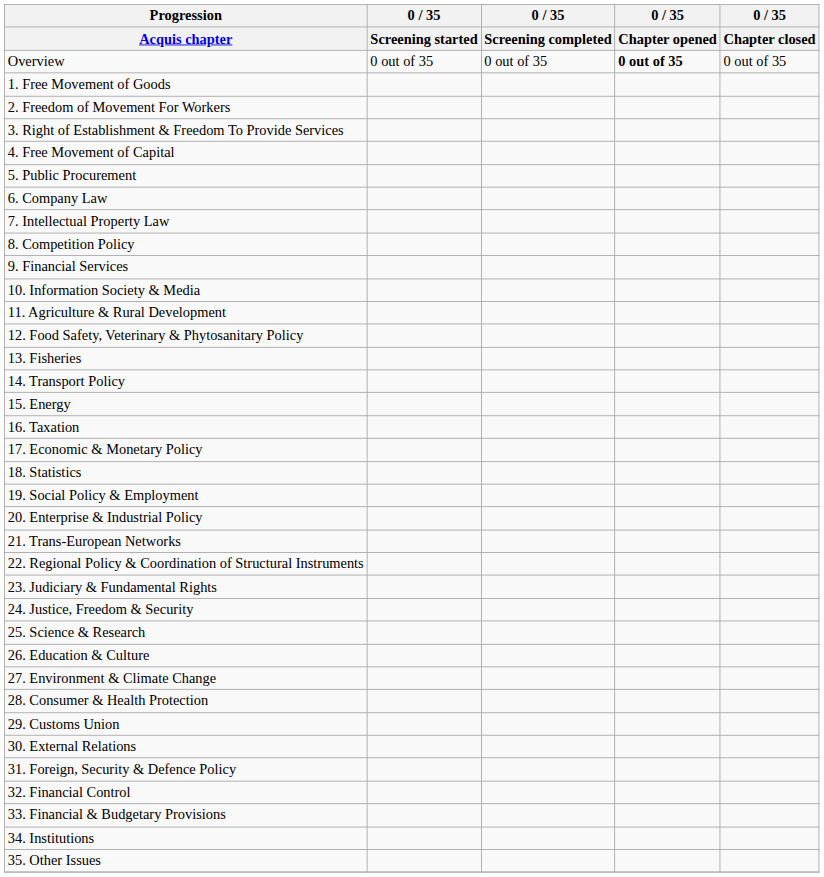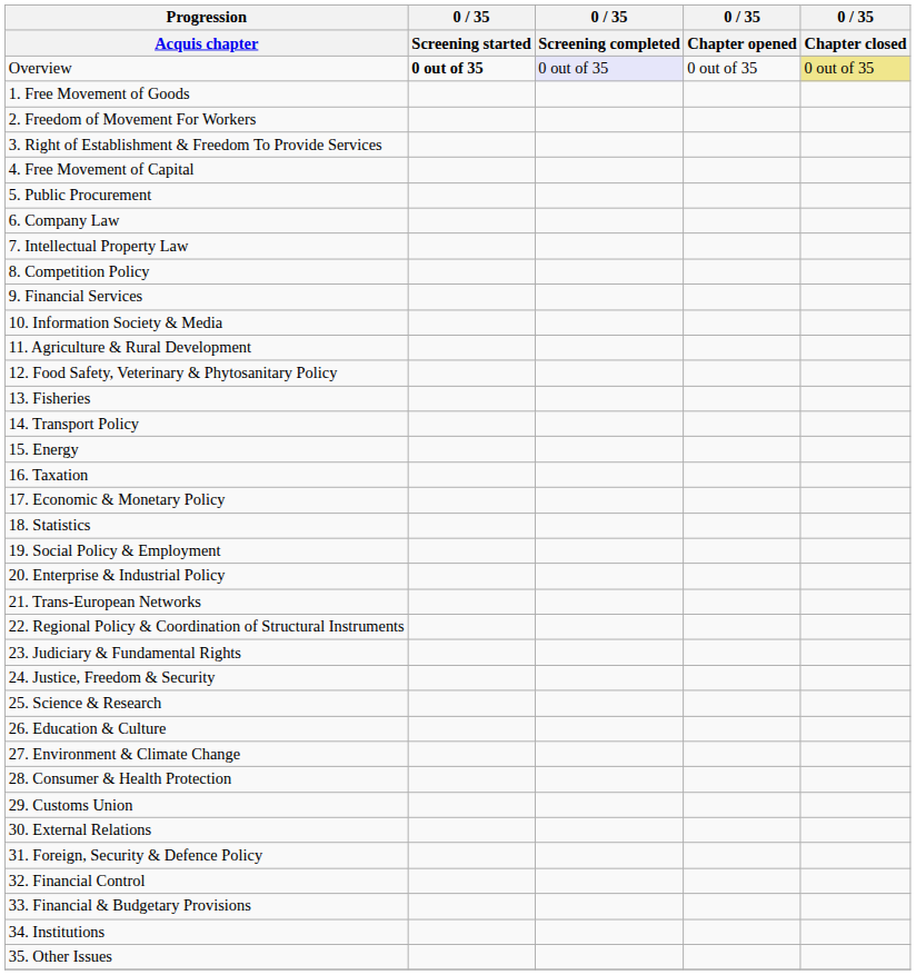 <table class="wikitable mw-collapsible mw-collapsed" style="text-align:left; font-size: 1.0em;">
 <tr>
 <th>Progression</th>
 <th>0 / 35</th>
 <th>0 / 35</th>
 <th>0 / 35</th>
 <th>0 / 35</th>
 </tr>
 <tr>
 <th><a href='#'>Acquis chapter</a></th>
 <th>Screening started</th>
 <th>Screening completed</th>
 <th>Chapter opened</th>
 <th>Chapter closed</th>
 </tr>
 <tr>
 <td style="text-align:left;">Overview</td>
+<td><strong>0 out of 35</strong></td>
+<td style="background: lavender;">0 out of 35</td>
 <td>0 out of 35</td>
-<td>0 out of 35</td>
-<td><strong>0 out of 35</strong></td>
-<td>0 out of 35</td>
+<td style="background: khaki;">0 out of 35</td>
 </tr>
 <tr>
 <td style="text-align:left;">1. Free Movement of Goods</td>
 <td></td>
 <td></td>
 <td></td>
 <td></td>
 </tr>
 <tr>
 <td style="text-align:left;">2. Freedom of Movement For Workers</td>
 <td></td>
 <td></td>
 <td></td>
 <td></td>
 </tr>
 <tr>
 <td style="text-align:left;">3. Right of Establishment & Freedom To Provide Services</td>
 <td></td>
 <td></td>
 <td></td>
 <td></td>
 </tr>
 <tr>
 <td style="text-align:left;">4. Free Movement of Capital</td>
 <td></td>
 <td></td>
 <td></td>
 <td></td>
 </tr>
 <tr>
 <td style="text-align:left;">5. Public Procurement</td>
 <td></td>
 <td></td>
 <td></td>
 <td></td>
 </tr>
 <tr>
 <td style="text-align:left;">6. Company Law</td>
 <td></td>
 <td></td>
 <td></td>
 <td></td>
 </tr>
 <tr>
 <td style="text-align:left;">7. Intellectual Property Law</td>
 <td></td>
 <td></td>
 <td></td>
 <td></td>
 </tr>
 <tr>
 <td style="text-align:left;">8. Competition Policy</td>
 <td></td>
 <td></td>
 <td></td>
 <td></td>
 </tr>
 <tr>
 <td style="text-align:left;">9. Financial Services</td>
 <td></td>
 <td></td>
 <td></td>
 <td></td>
 </tr>
 <tr>
 <td style="text-align:left;">10. Information Society & Media</td>
 <td></td>
 <td></td>
 <td></td>
 <td></td>
 </tr>
 <tr>
 <td style="text-align:left;">11. Agriculture & Rural Development</td>
 <td></td>
 <td></td>
 <td></td>
 <td></td>
 </tr>
 <tr>
 <td style="text-align:left;">12. Food Safety, Veterinary & Phytosanitary Policy</td>
 <td></td>
 <td></td>
 <td></td>
 <td></td>
 </tr>
 <tr>
 <td style="text-align:left;">13. Fisheries</td>
 <td></td>
 <td></td>
 <td></td>
 <td></td>
 </tr>
 <tr>
 <td style="text-align:left;">14. Transport Policy</td>
 <td></td>
 <td></td>
 <td></td>
 <td></td>
 </tr>
 <tr>
 <td style="text-align:left;">15. Energy</td>
 <td></td>
 <td></td>
 <td></td>
 <td></td>
 </tr>
 <tr>
 <td style="text-align:left;">16. Taxation</td>
 <td></td>
 <td></td>
 <td></td>
 <td></td>
 </tr>
 <tr>
 <td style="text-align:left;">17. Economic & Monetary Policy</td>
 <td></td>
 <td></td>
 <td></td>
 <td></td>
 </tr>
 <tr>
 <td style="text-align:left;">18. Statistics</td>
 <td></td>
 <td></td>
 <td></td>
 <td></td>
 </tr>
 <tr>
 <td style="text-align:left;">19. Social Policy & Employment</td>
 <td></td>
 <td></td>
 <td></td>
 <td></td>
 </tr>
 <tr>
 <td style="text-align:left;">20. Enterprise & Industrial Policy</td>
 <td></td>
 <td></td>
 <td></td>
 <td></td>
 </tr>
 <tr>
 <td style="text-align:left;">21. Trans-European Networks</td>
 <td></td>
 <td></td>
 <td></td>
 <td></td>
 </tr>
 <tr>
 <td style="text-align:left;">22. Regional Policy & Coordination of Structural Instruments</td>
 <td></td>
 <td></td>
 <td></td>
 <td></td>
 </tr>
 <tr>
 <td style="text-align:left;">23. Judiciary & Fundamental Rights</td>
 <td></td>
 <td></td>
 <td></td>
 <td></td>
 </tr>
 <tr>
 <td style="text-align:left;">24. Justice, Freedom & Security</td>
 <td></td>
 <td></td>
 <td></td>
 <td></td>
 </tr>
 <tr>
 <td style="text-align:left;">25. Science & Research</td>
 <td></td>
 <td></td>
 <td></td>
 <td></td>
 </tr>
 <tr>
 <td style="text-align:left;">26. Education & Culture</td>
 <td></td>
 <td></td>
 <td></td>
 <td></td>
 </tr>
 <tr>
 <td style="text-align:left;">27. Environment & Climate Change</td>
 <td></td>
 <td></td>
 <td></td>
 <td></td>
 </tr>
 <tr>
 <td style="text-align:left;">28. Consumer & Health Protection</td>
 <td></td>
 <td></td>
 <td></td>
 <td></td>
 </tr>
 <tr>
 <td style="text-align:left;">29. Customs Union</td>
 <td></td>
 <td></td>
 <td></td>
 <td></td>
 </tr>
 <tr>
 <td style="text-align:left;">30. External Relations</td>
 <td></td>
 <td></td>
 <td></td>
 <td></td>
 </tr>
 <tr>
 <td style="text-align:left;">31. Foreign, Security & Defence Policy</td>
 <td></td>
 <td></td>
 <td></td>
 <td></td>
 </tr>
 <tr>
 <td style="text-align:left;">32. Financial Control</td>
 <td></td>
 <td></td>
 <td></td>
 <td></td>
 </tr>
 <tr>
 <td style="text-align:left;">33. Financial & Budgetary Provisions</td>
 <td></td>
 <td></td>
 <td></td>
 <td></td>
 </tr>
 <tr>
 <td style="text-align:left;">34. Institutions</td>
 <td></td>
 <td></td>
 <td></td>
 <td></td>
 </tr>
 <tr>
 <td style="text-align:left;">35. Other Issues</td>
 <td></td>
 <td></td>
 <td></td>
 <td></td>
 </tr>
 <tr>
 </tr>
 </table>
